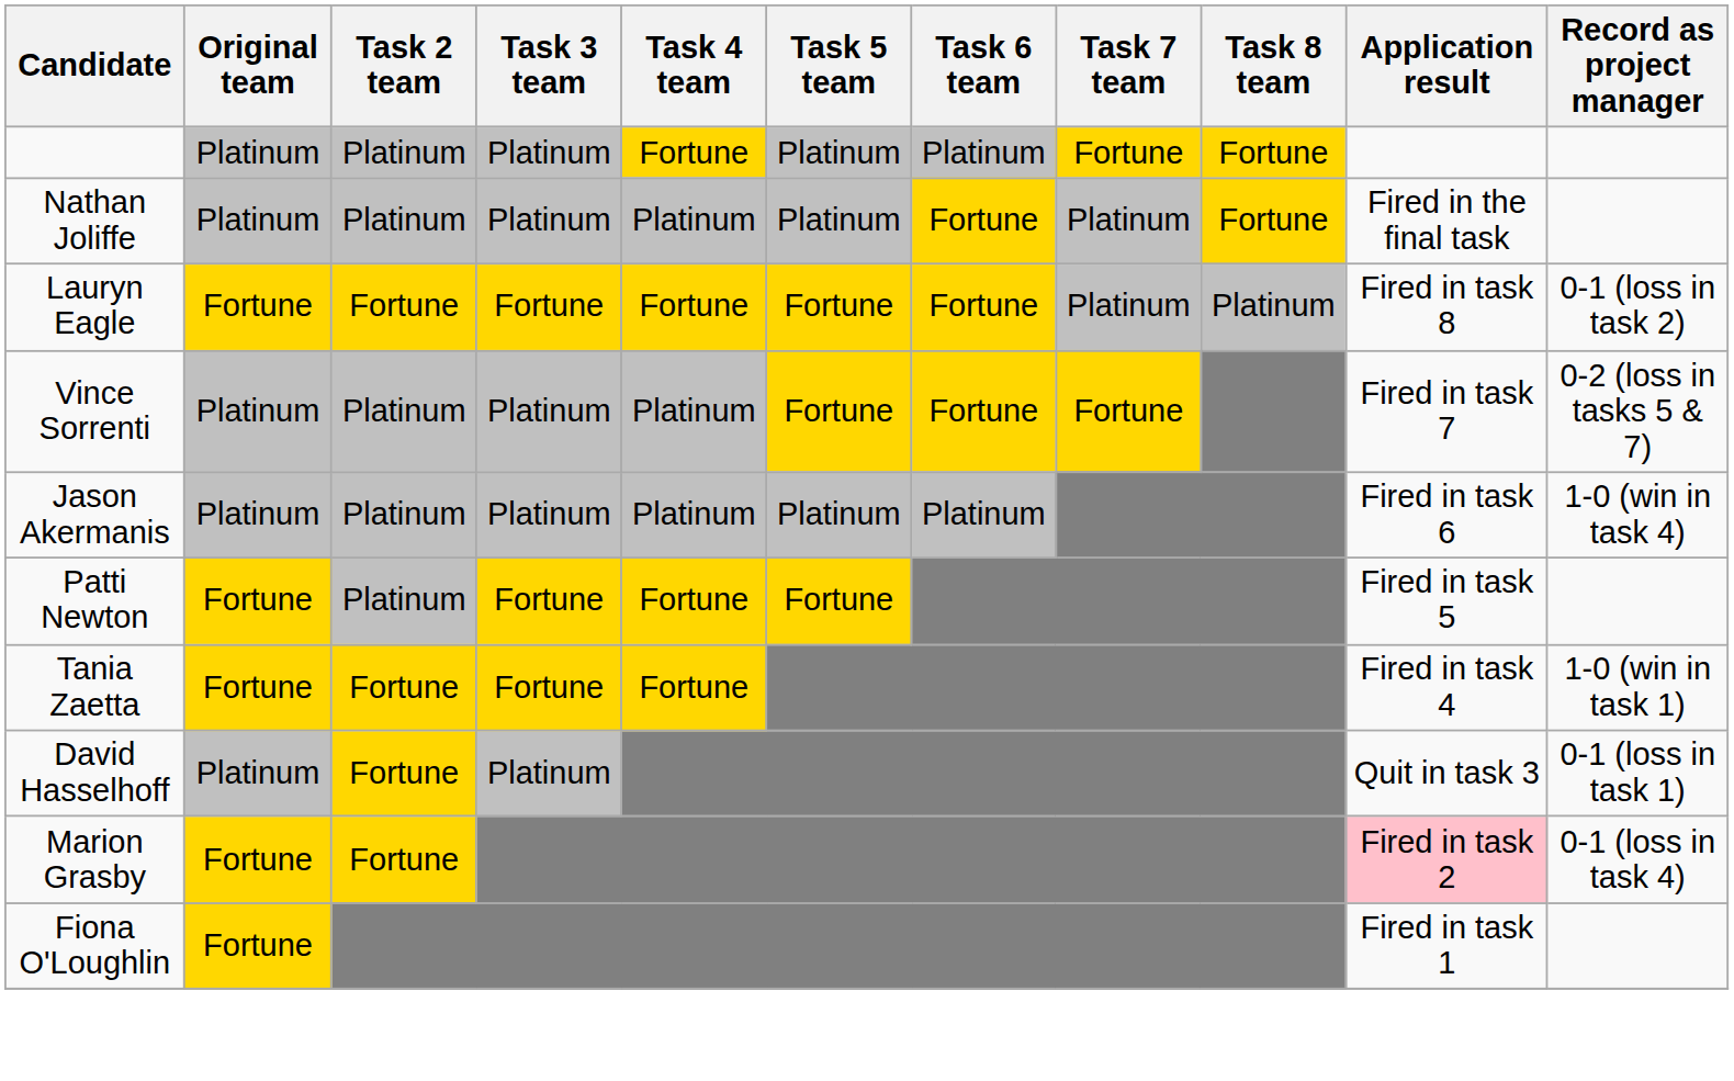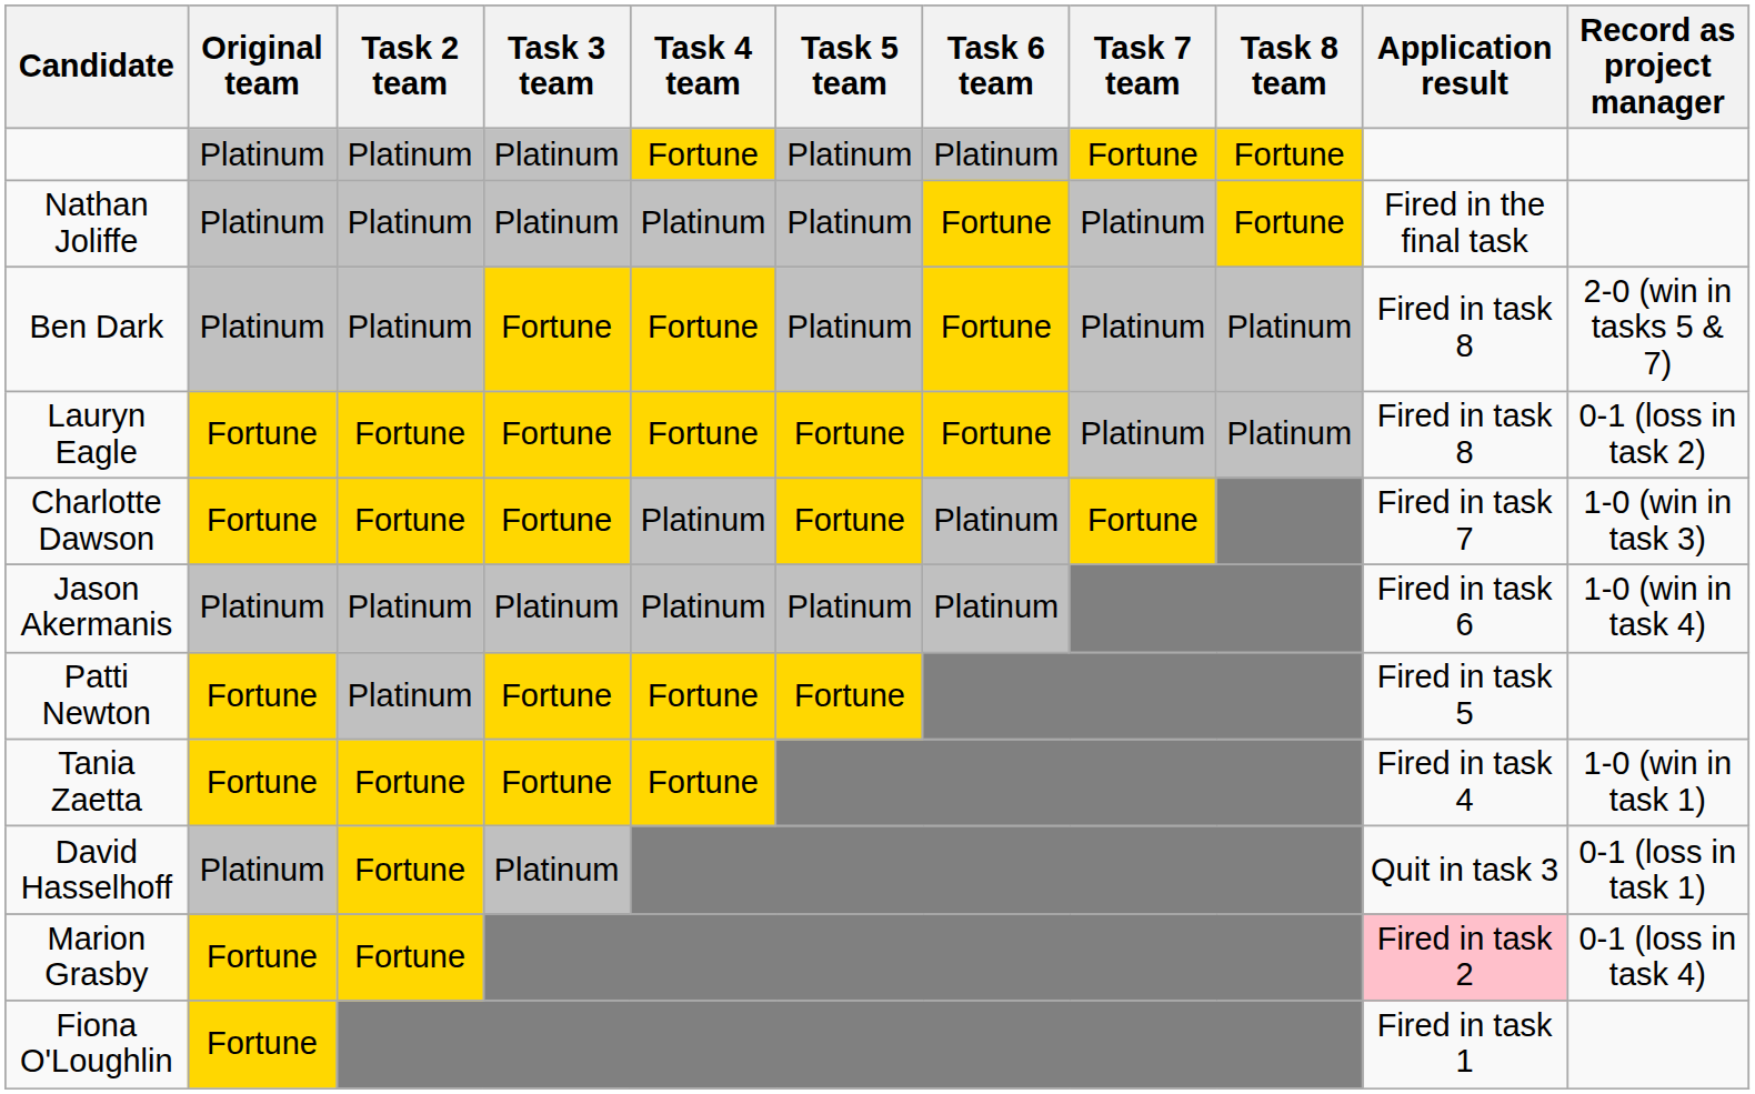 <table class="wikitable">
 <tr>
 <th bgcolor="gray"><span>Candidate</span></th>
 <th bgcolor="gray"><span>Original team</span></th>
 <th bgcolor="gray"><span>Task 2 team</span></th>
 <th bgcolor="gray"><span>Task 3 team</span></th>
 <th bgcolor="gray"><span>Task 4 team</span></th>
 <th bgcolor="gray"><span>Task 5 team</span></th>
 <th bgcolor="gray"><span>Task 6 team</span></th>
 <th bgcolor="gray"><span>Task 7 team</span></th>
 <th bgcolor="gray"><span>Task 8 team</span></th>
 <th bgcolor="gray"><span>Application result</span></th>
 <th bgcolor="gray"><span>Record as project manager</span></th>
 </tr>
 <tr style="text-align:center;">
 <td></td>
 <td style="text-align:center; background:silver;">Platinum</td>
 <td style="text-align:center; background:silver;">Platinum</td>
 <td style="text-align:center; background:silver;">Platinum</td>
 <td style="text-align:center; background:gold;">Fortune</td>
 <td style="text-align:center; background:silver;">Platinum</td>
 <td style="text-align:center; background:silver;">Platinum</td>
 <td style="text-align:center; background:gold;">Fortune</td>
 <td style="text-align:center; background:gold;">Fortune</td>
 <td align="center"></td>
 <td></td>
 </tr>
 <tr style="text-align:center;">
 <td>Nathan Joliffe</td>
 <td style="text-align:center; background:silver;">Platinum</td>
 <td style="text-align:center; background:silver;">Platinum</td>
 <td style="text-align:center; background:silver;">Platinum</td>
 <td style="text-align:center; background:silver;">Platinum</td>
 <td style="text-align:center; background:silver;">Platinum</td>
 <td style="text-align:center; background:gold;">Fortune</td>
 <td style="text-align:center; background:silver;">Platinum</td>
 <td style="text-align:center; background:gold;">Fortune</td>
 <td align="center">Fired in the final task</td>
 <td></td>
 </tr>
 <tr style="text-align:center;">
+<td>Ben Dark</td>
+<td style="text-align:center; background:silver;">Platinum</td>
+<td style="text-align:center; background:silver;">Platinum</td>
+<td style="text-align:center; background:gold;">Fortune</td>
+<td style="text-align:center; background:gold;">Fortune</td>
+<td style="text-align:center; background:silver;">Platinum</td>
+<td style="text-align:center; background:gold;">Fortune</td>
+<td style="text-align:center; background:silver;">Platinum</td>
+<td style="text-align:center; background:silver;">Platinum</td>
+<td align="center">Fired in task 8</td>
+<td>2-0 (win in tasks 5 & 7)</td>
+</tr>
+<tr style="text-align:center;">
 <td>Lauryn Eagle</td>
 <td style="text-align:center; background:gold;">Fortune</td>
 <td style="text-align:center; background:gold;">Fortune</td>
 <td style="text-align:center; background:gold;">Fortune</td>
 <td style="text-align:center; background:gold;">Fortune</td>
 <td style="text-align:center; background:gold;">Fortune</td>
 <td style="text-align:center; background:gold;">Fortune</td>
 <td style="text-align:center; background:silver;">Platinum</td>
 <td style="text-align:center; background:silver;">Platinum</td>
 <td align="center">Fired in task 8</td>
 <td>0-1 (loss in task 2)</td>
 </tr>
 <tr style="text-align:center;">
-<td>Vince Sorrenti</td>
-<td style="text-align:center; background:silver;">Platinum</td>
-<td style="text-align:center; background:silver;">Platinum</td>
-<td style="text-align:center; background:silver;">Platinum</td>
-<td style="text-align:center; background:silver;">Platinum</td>
+<td>Charlotte Dawson</td>
 <td style="text-align:center; background:gold;">Fortune</td>
 <td style="text-align:center; background:gold;">Fortune</td>
 <td style="text-align:center; background:gold;">Fortune</td>
+<td style="text-align:center; background:silver;">Platinum</td>
+<td style="text-align:center; background:gold;">Fortune</td>
+<td style="text-align:center; background:silver;">Platinum</td>
+<td style="text-align:center; background:gold;">Fortune</td>
 <td colspan="1" style="background:gray;"></td>
 <td align="center">Fired in task 7</td>
-<td>0-2 (loss in tasks 5 & 7)</td>
+<td>1-0 (win in task 3)</td>
 </tr>
 <tr style="text-align:center;">
 <td>Jason Akermanis</td>
 <td style="text-align:center; background:silver;">Platinum</td>
 <td style="text-align:center; background:silver;">Platinum</td>
 <td style="text-align:center; background:silver;">Platinum</td>
 <td style="text-align:center; background:silver;">Platinum</td>
 <td style="text-align:center; background:silver;">Platinum</td>
 <td style="text-align:center; background:silver;">Platinum</td>
 <td colspan="2" style="background:gray;"></td>
 <td align="center">Fired in task 6</td>
 <td>1-0 (win in task 4)</td>
 </tr>
 <tr style="text-align:center;">
 <td>Patti Newton</td>
 <td style="text-align:center; background:gold;">Fortune</td>
 <td style="text-align:center; background:silver;">Platinum</td>
 <td style="text-align:center; background:gold;">Fortune</td>
 <td style="text-align:center; background:gold;">Fortune</td>
 <td style="text-align:center; background:gold;">Fortune</td>
 <td colspan="3" style="background:gray;"></td>
 <td align="center">Fired in task 5</td>
 <td></td>
 </tr>
 <tr style="text-align:center;">
 <td>Tania Zaetta</td>
 <td style="text-align:center; background:gold;">Fortune</td>
 <td style="text-align:center; background:gold;">Fortune</td>
 <td style="text-align:center; background:gold;">Fortune</td>
 <td style="text-align:center; background:gold;">Fortune</td>
 <td colspan="4" style="background:gray;"></td>
 <td align="center">Fired in task 4</td>
 <td>1-0 (win in task 1)</td>
 </tr>
 <tr style="text-align:center;">
 <td>David Hasselhoff</td>
 <td style="text-align:center; background:silver;">Platinum</td>
 <td style="text-align:center; background:gold;">Fortune</td>
 <td style="text-align:center; background:silver;">Platinum</td>
 <td colspan="5" style="background:gray;"></td>
 <td align="center">Quit in task 3</td>
 <td>0-1 (loss in task 1)</td>
 </tr>
 <tr style="text-align:center;">
 <td>Marion Grasby</td>
 <td style="text-align:center; background:gold;">Fortune</td>
 <td style="text-align:center; background:gold;">Fortune</td>
 <td colspan="6" style="background:gray;"></td>
 <td align="center" style="background: pink;">Fired in task 2</td>
 <td>0-1 (loss in task 4)</td>
 </tr>
 <tr style="text-align:center;">
 <td>Fiona O'Loughlin</td>
 <td style="text-align:center; background:gold;">Fortune</td>
 <td colspan="7" style="background:gray;"></td>
 <td align="center">Fired in task 1</td>
 <td></td>
 </tr>
 <tr>
 </tr>
 </table>
